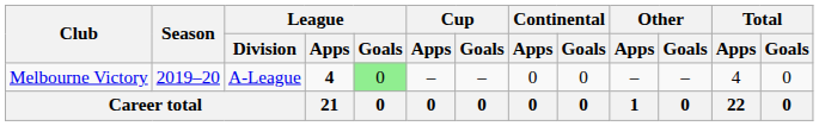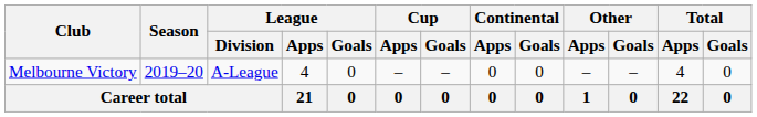 <table class="wikitable" border="1" style="font-size:100%; text-align: center;">
 <tr>
 <th rowspan="2">Club</th>
 <th rowspan="2">Season</th>
 <th colspan="3">League</th>
 <th colspan="2">Cup</th>
 <th colspan="2">Continental</th>
 <th colspan="2">Other</th>
 <th colspan="2">Total</th>
 </tr>
 <tr>
 <th>Division</th>
 <th>Apps</th>
 <th>Goals</th>
 <th>Apps</th>
 <th>Goals</th>
 <th>Apps</th>
 <th>Goals</th>
 <th>Apps</th>
 <th>Goals</th>
 <th>Apps</th>
 <th>Goals</th>
 </tr>
 <tr>
 <td rowspan="1" valign="middle"><a href='#'>Melbourne Victory</a></td>
 <td><a href='#'>2019–20</a></td>
 <td><a href='#'>A-League</a></td>
-<td><strong>4</strong></td>
-<td style="background: lightgreen;">0</td>
+<td>4</td>
+<td>0</td>
 <td>–</td>
 <td>–</td>
 <td>0</td>
 <td>0</td>
 <td>–</td>
 <td>–</td>
 <td>4</td>
 <td>0</td>
 </tr>
 <tr>
 <th colspan="3">Career total</th>
 <th>21</th>
 <th>0</th>
 <th>0</th>
 <th>0</th>
 <th>0</th>
 <th>0</th>
 <th>1</th>
 <th>0</th>
 <th>22</th>
 <th>0</th>
 </tr>
 </table>
